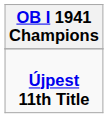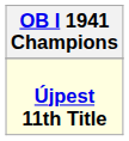 <table class="wikitable" style="text-align: center; margin: 0 auto;">
 <tr>
 <th><a href='#'>OB I</a> 1941<br>Champions</th>
 </tr>
 <tr>
 </tr>
 <tr>
-<td> <br><strong><a href='#'>Újpest</a></strong><br><strong>11th Title</strong></td>
+<td style="background: lightyellow;"> <br><strong><a href='#'>Újpest</a></strong><br><strong>11th Title</strong></td>
 </tr>
 </table>
